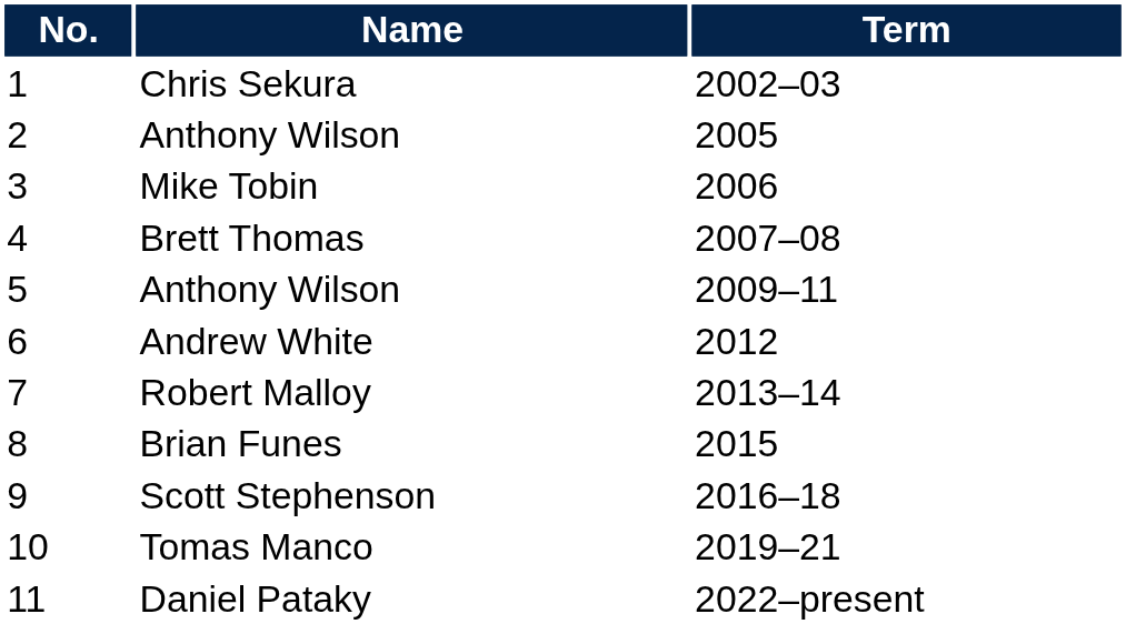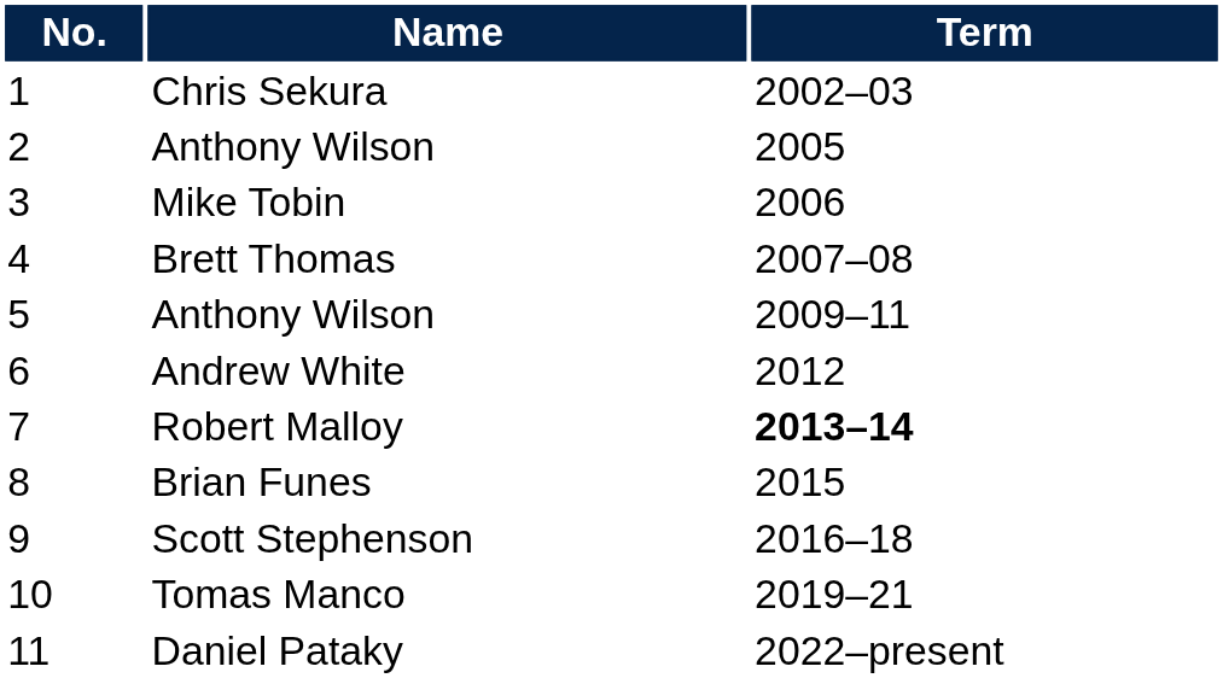 <table class="toccolours" style="width:30em">
 <tr>
 <th style="background:#04244b;color:white;border:#04244b 1px solid">No.</th>
 <th style="background:#04244b;color:white;border:#04244b 1px solid">Name</th>
 <th style="background:#04244b;color:white;border:#04244b 1px solid">Term</th>
 </tr>
 <tr>
 <td>1</td>
 <td> Chris Sekura</td>
 <td>2002–03</td>
 </tr>
 <tr>
 <td>2</td>
 <td> Anthony Wilson</td>
 <td>2005</td>
 </tr>
 <tr>
 <td>3</td>
 <td> Mike Tobin</td>
 <td>2006</td>
 </tr>
 <tr>
 <td>4</td>
 <td> Brett Thomas</td>
 <td>2007–08</td>
 </tr>
 <tr>
 <td>5</td>
 <td> Anthony Wilson</td>
 <td>2009–11</td>
 </tr>
 <tr>
 <td>6</td>
 <td> Andrew White</td>
 <td>2012</td>
 </tr>
 <tr>
 <td>7</td>
 <td> Robert Malloy</td>
-<td>2013–14</td>
+<td><strong>2013–14</strong></td>
 </tr>
 <tr>
 <td>8</td>
 <td> Brian Funes</td>
 <td>2015</td>
 </tr>
 <tr>
 <td>9</td>
 <td> Scott Stephenson</td>
 <td>2016–18</td>
 </tr>
 <tr>
 <td>10</td>
 <td> Tomas Manco</td>
 <td>2019–21</td>
 </tr>
 <tr>
 <td>11</td>
 <td> Daniel Pataky</td>
 <td>2022–present</td>
 </tr>
 <tr>
 </tr>
 </table>
